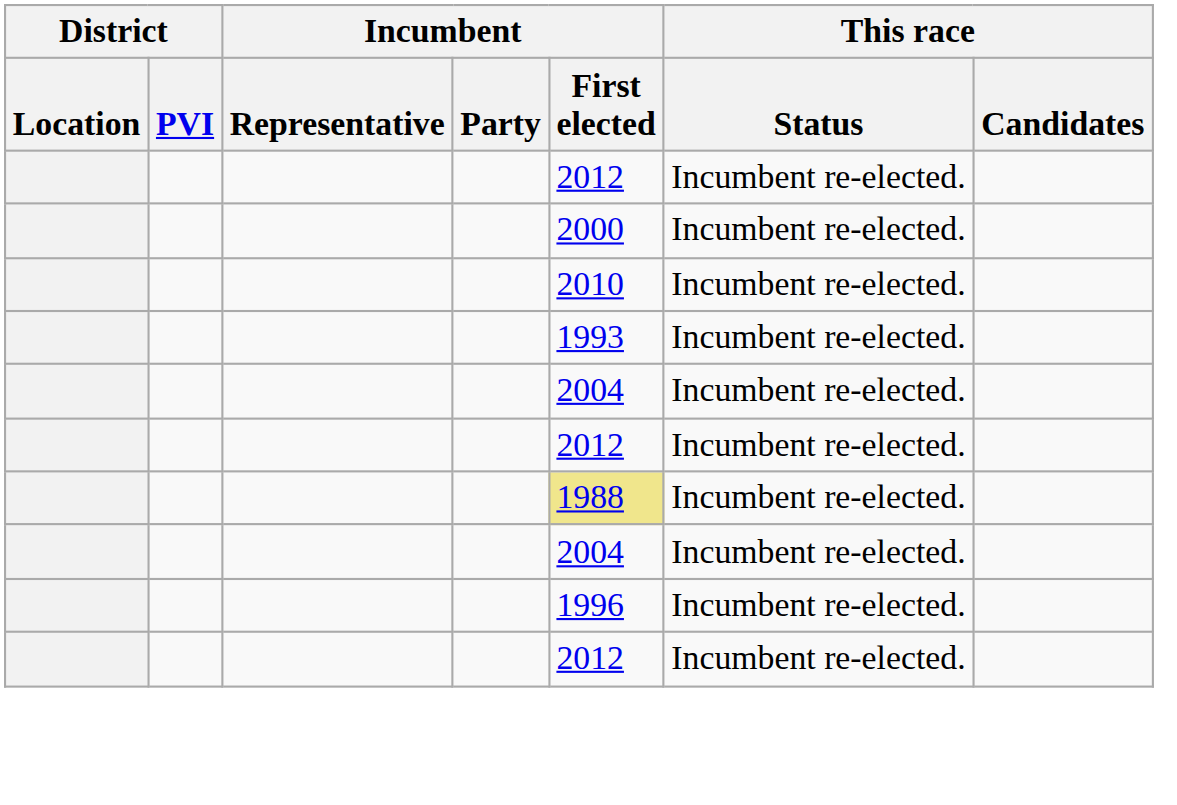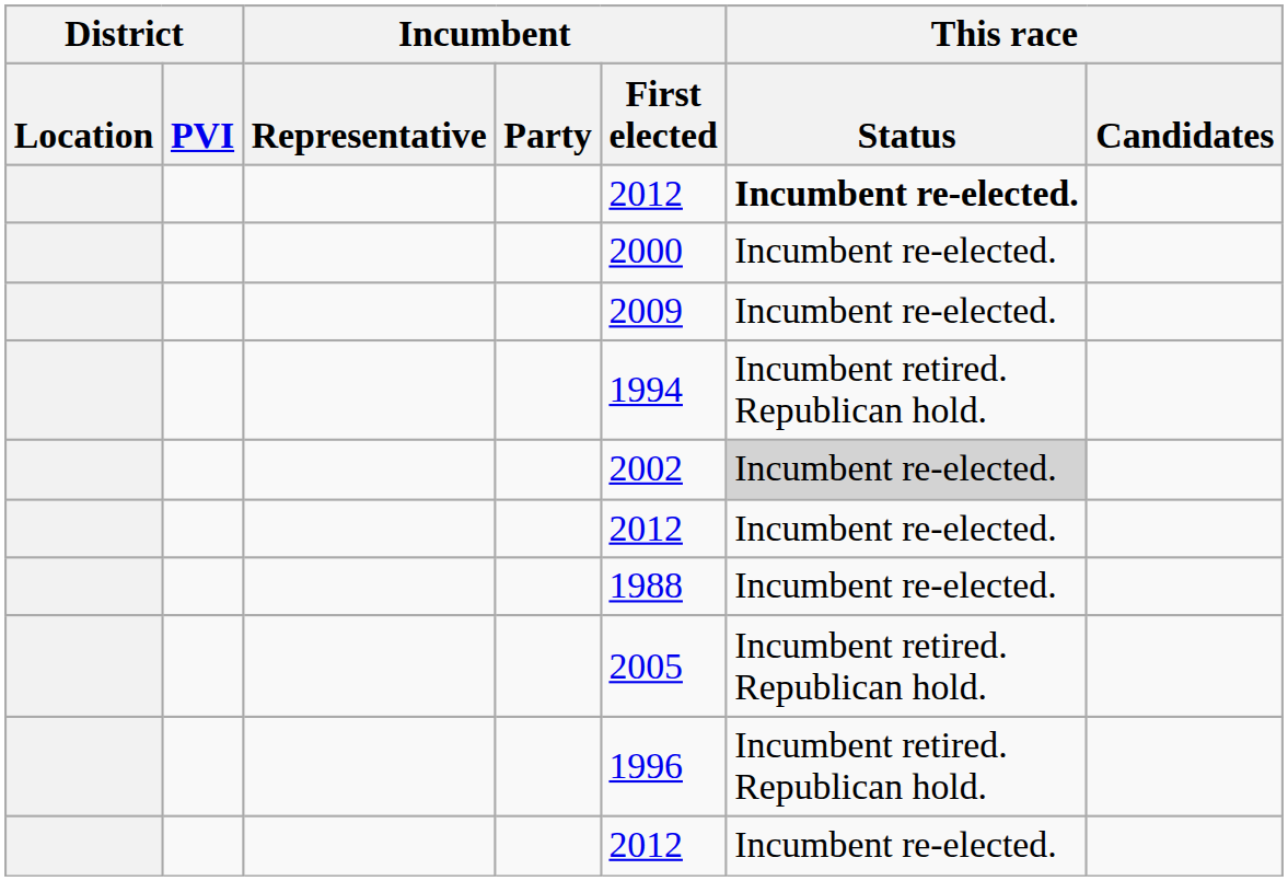 <table class="wikitable sortable">
 <tr valign=bottom>
 <th colspan=2>District</th>
 <th colspan=3>Incumbent</th>
 <th colspan=2>This race</th>
 </tr>
 <tr valign=bottom>
 <th>Location</th>
 <th><a href='#'>PVI</a></th>
 <th>Representative</th>
 <th>Party</th>
 <th>First<br>elected</th>
 <th>Status</th>
 <th>Candidates</th>
 </tr>
 <tr>
 <th></th>
 <td></td>
 <td></td>
 <td></td>
 <td><a href='#'>2012</a></td>
-<td>Incumbent re-elected.</td>
+<td><strong>Incumbent re-elected.</strong></td>
 <td nowrap></td>
 </tr>
 <tr>
 <th></th>
 <td></td>
 <td></td>
 <td></td>
 <td><a href='#'>2000</a></td>
 <td>Incumbent re-elected.</td>
 <td nowrap></td>
 </tr>
 <tr>
 <th></th>
 <td></td>
 <td></td>
 <td></td>
-<td><a href='#'>2010</a></td>
+<td><a href='#'>2009</a></td>
 <td>Incumbent re-elected.</td>
 <td nowrap></td>
 </tr>
 <tr>
 <th></th>
 <td></td>
 <td></td>
 <td></td>
-<td><a href='#'>1993</a></td>
-<td>Incumbent re-elected.</td>
+<td><a href='#'>1994</a></td>
+<td>Incumbent retired.<br>Republican hold.</td>
 <td nowrap></td>
 </tr>
 <tr>
 <th></th>
 <td></td>
 <td></td>
 <td></td>
-<td><a href='#'>2004</a></td>
-<td>Incumbent re-elected.</td>
+<td><a href='#'>2002</a></td>
+<td style="background: lightgrey;">Incumbent re-elected.</td>
 <td nowrap></td>
 </tr>
 <tr>
 <th></th>
 <td></td>
 <td></td>
 <td></td>
 <td><a href='#'>2012</a></td>
 <td>Incumbent re-elected.</td>
 <td nowrap></td>
 </tr>
 <tr>
 <th></th>
 <td></td>
 <td></td>
 <td></td>
-<td style="background: khaki;"><a href='#'>1988</a></td>
+<td><a href='#'>1988</a></td>
 <td>Incumbent re-elected.</td>
 <td nowrap></td>
 </tr>
 <tr>
 <th></th>
 <td></td>
 <td></td>
 <td></td>
-<td><a href='#'>2004</a></td>
-<td>Incumbent re-elected.</td>
+<td><a href='#'>2005</a></td>
+<td>Incumbent retired.<br>Republican hold.</td>
 <td nowrap></td>
 </tr>
 <tr>
 <th></th>
 <td></td>
 <td></td>
 <td></td>
 <td><a href='#'>1996</a></td>
-<td>Incumbent re-elected.</td>
+<td>Incumbent retired.<br>Republican hold.</td>
 <td nowrap></td>
 </tr>
 <tr>
 <th></th>
 <td></td>
 <td></td>
 <td></td>
 <td><a href='#'>2012</a></td>
 <td>Incumbent re-elected.</td>
 <td nowrap></td>
 </tr>
 </table>
